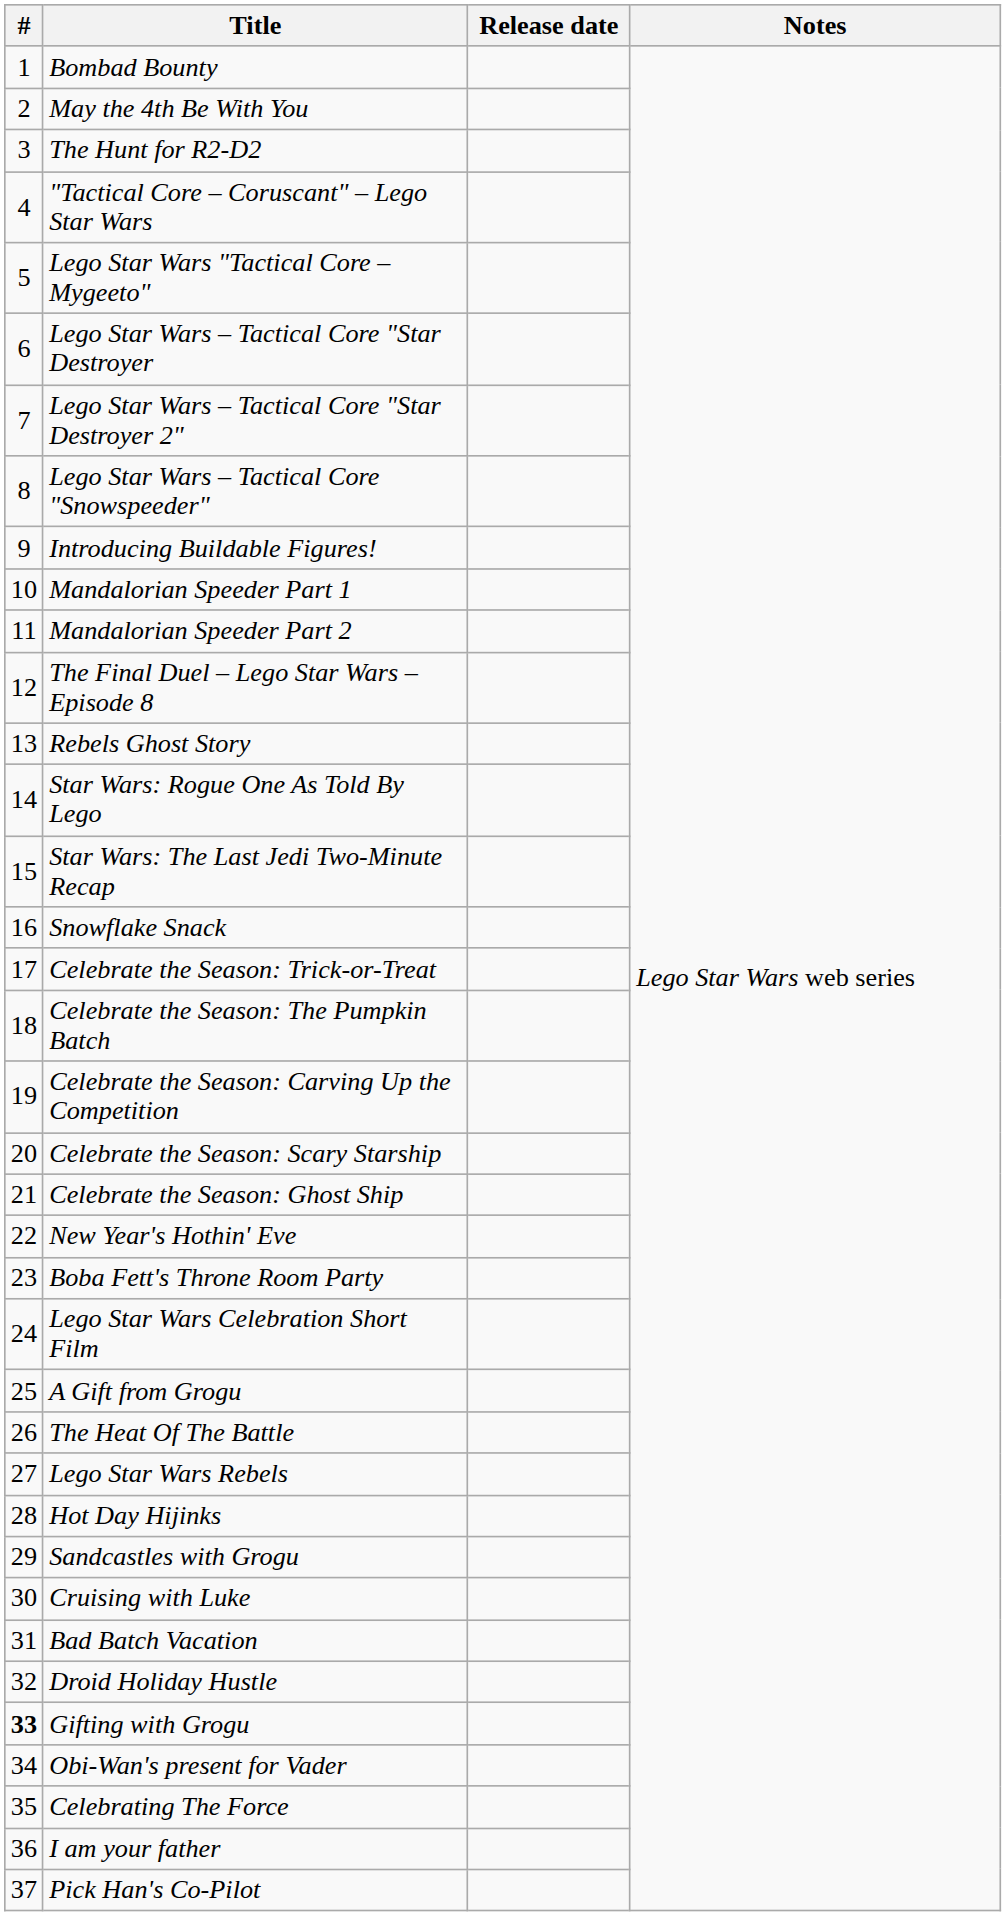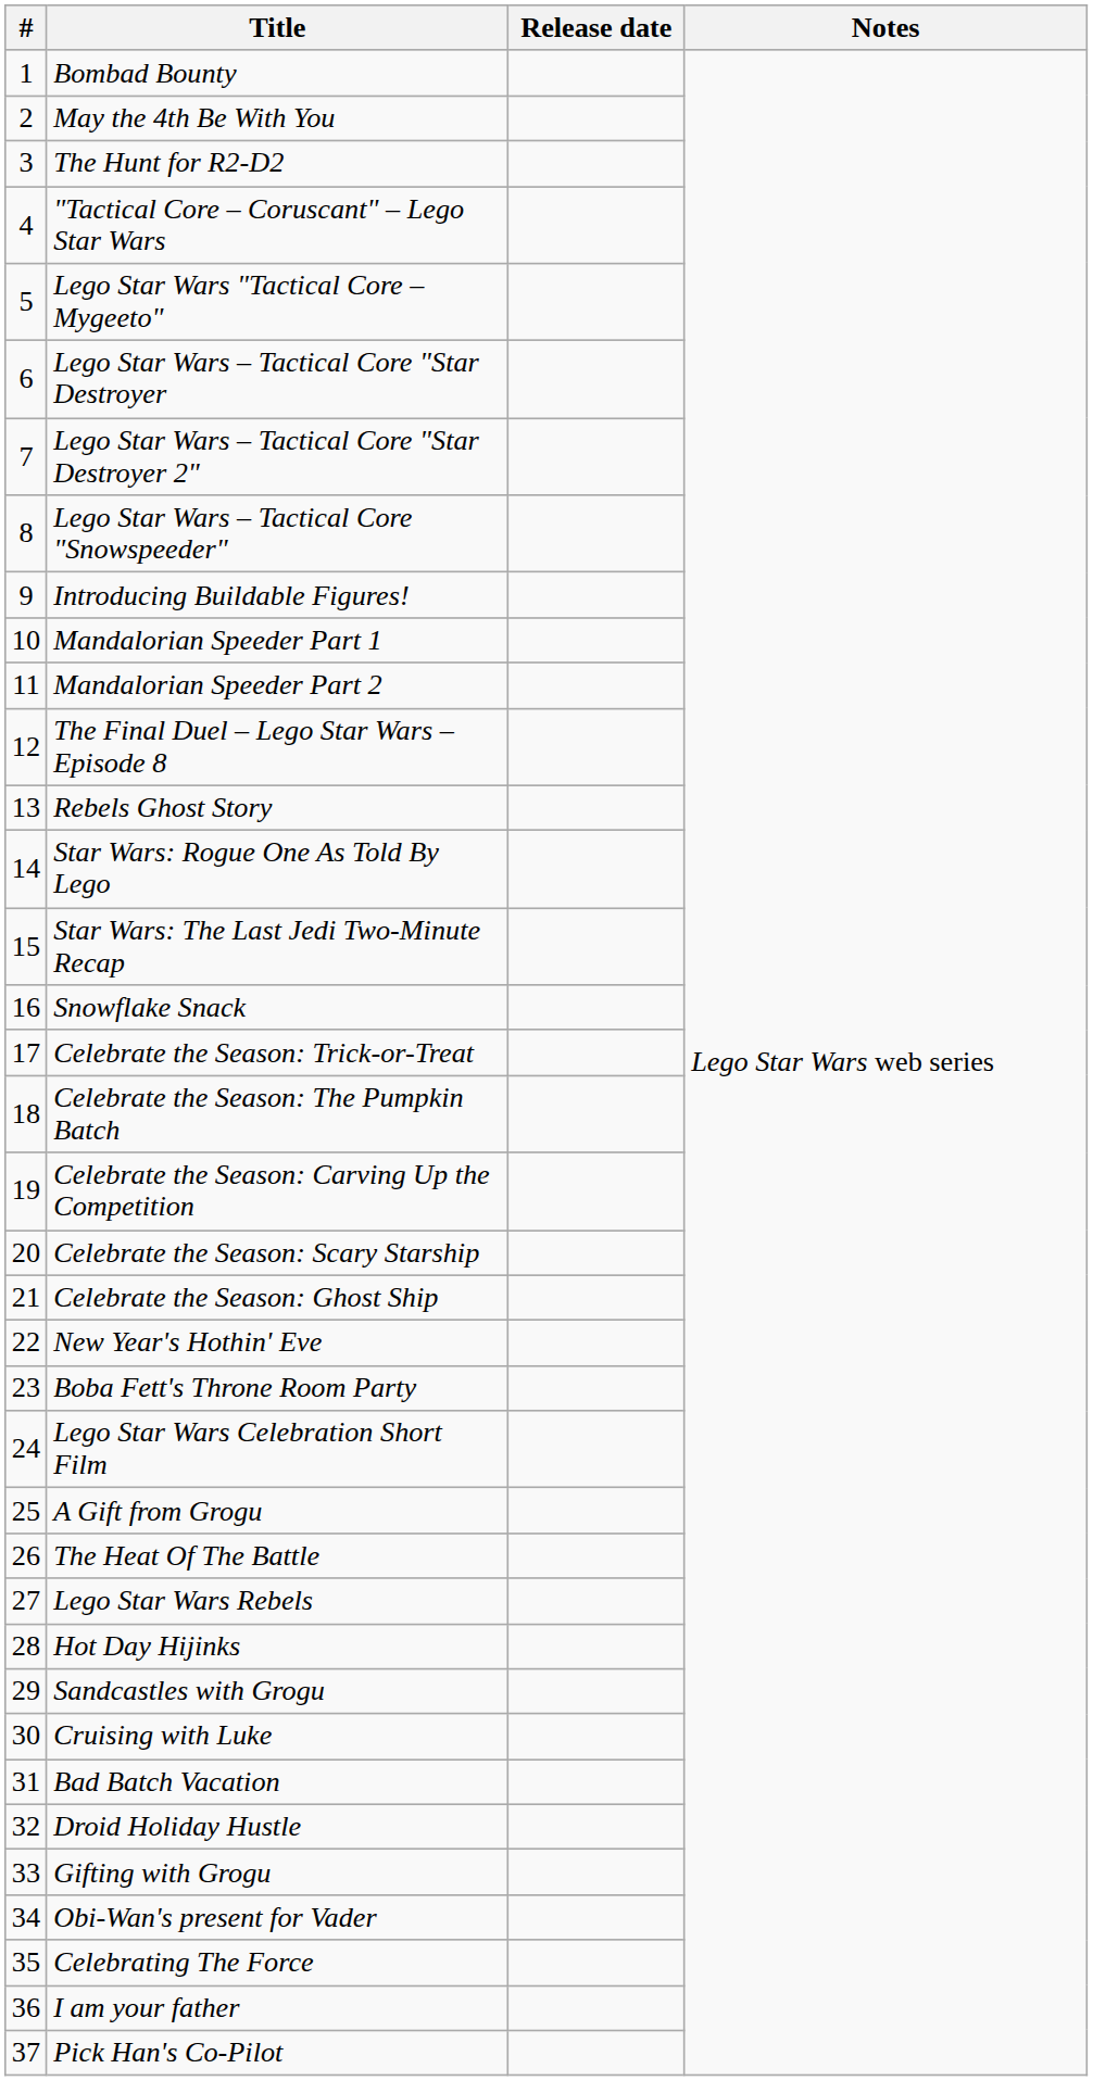 <table class="wikitable sortable">
 <tr>
 <th width="10">#</th>
 <th width="321">Title</th>
 <th width="110">Release date</th>
 <th width="300">Notes</th>
 </tr>
 <tr>
 <td style="text-align:center">1</td>
 <td><em>Bombad Bounty</em></td>
 <td style="text-align:right"></td>
 <td rowspan="37"><em>Lego Star Wars</em> web series</td>
 </tr>
 <tr>
 <td style="text-align:center">2</td>
 <td><em>May the 4th Be With You</em></td>
 <td style="text-align:right"></td>
 </tr>
 <tr>
 <td style="text-align:center">3</td>
 <td><em>The Hunt for R2-D2</em></td>
 <td style="text-align:right"></td>
 </tr>
 <tr>
 <td style="text-align:center">4</td>
 <td><em>"Tactical Core – Coruscant" – Lego Star Wars</em></td>
 <td style="text-align:right"></td>
 </tr>
 <tr>
 <td style="text-align:center">5</td>
 <td><em>Lego Star Wars "Tactical Core – Mygeeto"</em></td>
 <td style="text-align:right"></td>
 </tr>
 <tr>
 <td style="text-align:center">6</td>
 <td><em>Lego Star Wars – Tactical Core "Star Destroyer</em></td>
 <td style="text-align:right"></td>
 </tr>
 <tr>
 <td style="text-align:center">7</td>
 <td><em>Lego Star Wars – Tactical Core "Star Destroyer 2"</em></td>
 <td style="text-align:right"></td>
 </tr>
 <tr>
 <td style="text-align:center">8</td>
 <td><em>Lego Star Wars – Tactical Core "Snowspeeder"</em></td>
 <td style="text-align:right"></td>
 </tr>
 <tr>
 <td style="text-align:center">9</td>
 <td><em>Introducing Buildable Figures!</em></td>
 <td style="text-align:right"></td>
 </tr>
 <tr>
 <td style="text-align:center">10</td>
 <td><em>Mandalorian Speeder Part 1</em></td>
 <td style="text-align:right"></td>
 </tr>
 <tr>
 <td style="text-align:center">11</td>
 <td><em>Mandalorian Speeder Part 2</em></td>
 <td style="text-align:right"></td>
 </tr>
 <tr>
 <td style="text-align:center">12</td>
 <td><em>The Final Duel – Lego Star Wars – Episode 8</em></td>
 <td style="text-align:right"></td>
 </tr>
 <tr>
 <td style="text-align:center">13</td>
 <td><em>Rebels Ghost Story</em></td>
 <td style="text-align:right"></td>
 </tr>
 <tr>
 <td style="text-align:center">14</td>
 <td><em>Star Wars: Rogue One As Told By Lego</em></td>
 <td style="text-align:right"></td>
 </tr>
 <tr>
 <td style="text-align:center">15</td>
 <td><em>Star Wars: The Last Jedi Two-Minute Recap</em></td>
 <td style="text-align:right"></td>
 </tr>
 <tr>
 <td style="text-align:center">16</td>
 <td><em>Snowflake Snack</em></td>
 <td style="text-align:right"></td>
 </tr>
 <tr>
 <td style="text-align:center">17</td>
 <td><em>Celebrate the Season: Trick-or-Treat</em></td>
 <td style="text-align:right"></td>
 </tr>
 <tr>
 <td style="text-align:center">18</td>
 <td><em>Celebrate the Season: The Pumpkin Batch</em></td>
 <td style="text-align:right"></td>
 </tr>
 <tr>
 <td style="text-align:center">19</td>
 <td><em>Celebrate the Season: Carving Up the Competition</em></td>
 <td style="text-align:right"></td>
 </tr>
 <tr>
 <td style="text-align:center">20</td>
 <td><em>Celebrate the Season: Scary Starship</em></td>
 <td style="text-align:right"></td>
 </tr>
 <tr>
 <td style="text-align:center">21</td>
 <td><em>Celebrate the Season: Ghost Ship</em></td>
 <td style="text-align:right"></td>
 </tr>
 <tr>
 <td style="text-align:center">22</td>
 <td><em>New Year's Hothin' Eve</em></td>
 <td style="text-align:right"></td>
 </tr>
 <tr>
 <td style="text-align:center">23</td>
 <td><em>Boba Fett's Throne Room Party</em></td>
 <td style="text-align:right"></td>
 </tr>
 <tr>
 <td style="text-align:center">24</td>
 <td><em>Lego Star Wars Celebration Short Film</em></td>
 <td style="text-align:right"></td>
 </tr>
 <tr>
 <td style="text-align:center">25</td>
 <td><em>A Gift from Grogu</em></td>
 <td style="text-align:right"></td>
 </tr>
 <tr>
 <td style="text-align:center">26</td>
 <td><em>The Heat Of The Battle</em></td>
 <td style="text-align:right"></td>
 </tr>
 <tr>
 <td style="text-align:center">27</td>
 <td><em>Lego Star Wars Rebels</em></td>
 <td style="text-align:right"></td>
 </tr>
 <tr>
 <td style="text-align:center">28</td>
 <td><em>Hot Day Hijinks</em></td>
 <td style="text-align:right"></td>
 </tr>
 <tr>
 <td style="text-align:center">29</td>
 <td><em>Sandcastles with Grogu</em></td>
 <td style="text-align:right"></td>
 </tr>
 <tr>
 <td style="text-align:center">30</td>
 <td><em>Cruising with Luke</em></td>
 <td style="text-align:right"></td>
 </tr>
 <tr>
 <td style="text-align:center">31</td>
 <td><em>Bad Batch Vacation</em></td>
 <td style="text-align:right"></td>
 </tr>
 <tr>
 <td style="text-align:center">32</td>
 <td><em>Droid Holiday Hustle</em></td>
 <td style="text-align:right"></td>
 </tr>
 <tr>
-<td style="text-align:center"><strong>33</strong></td>
+<td style="text-align:center">33</td>
 <td><em>Gifting with Grogu</em></td>
 <td style="text-align:right"></td>
 </tr>
 <tr>
 <td style="text-align:center">34</td>
 <td><em>Obi-Wan's present for Vader</em></td>
 <td style="text-align:right"></td>
 </tr>
 <tr>
 <td style="text-align:center">35</td>
 <td><em>Celebrating The Force</em></td>
 <td style="text-align:right"></td>
 </tr>
 <tr>
 <td style="text-align:center">36</td>
 <td><em>I am your father</em></td>
 <td style="text-align:right"></td>
 </tr>
 <tr>
 <td style="text-align:center">37</td>
 <td><em>Pick Han's Co-Pilot</em></td>
 <td style="text-align:right"></td>
 </tr>
 </table>
